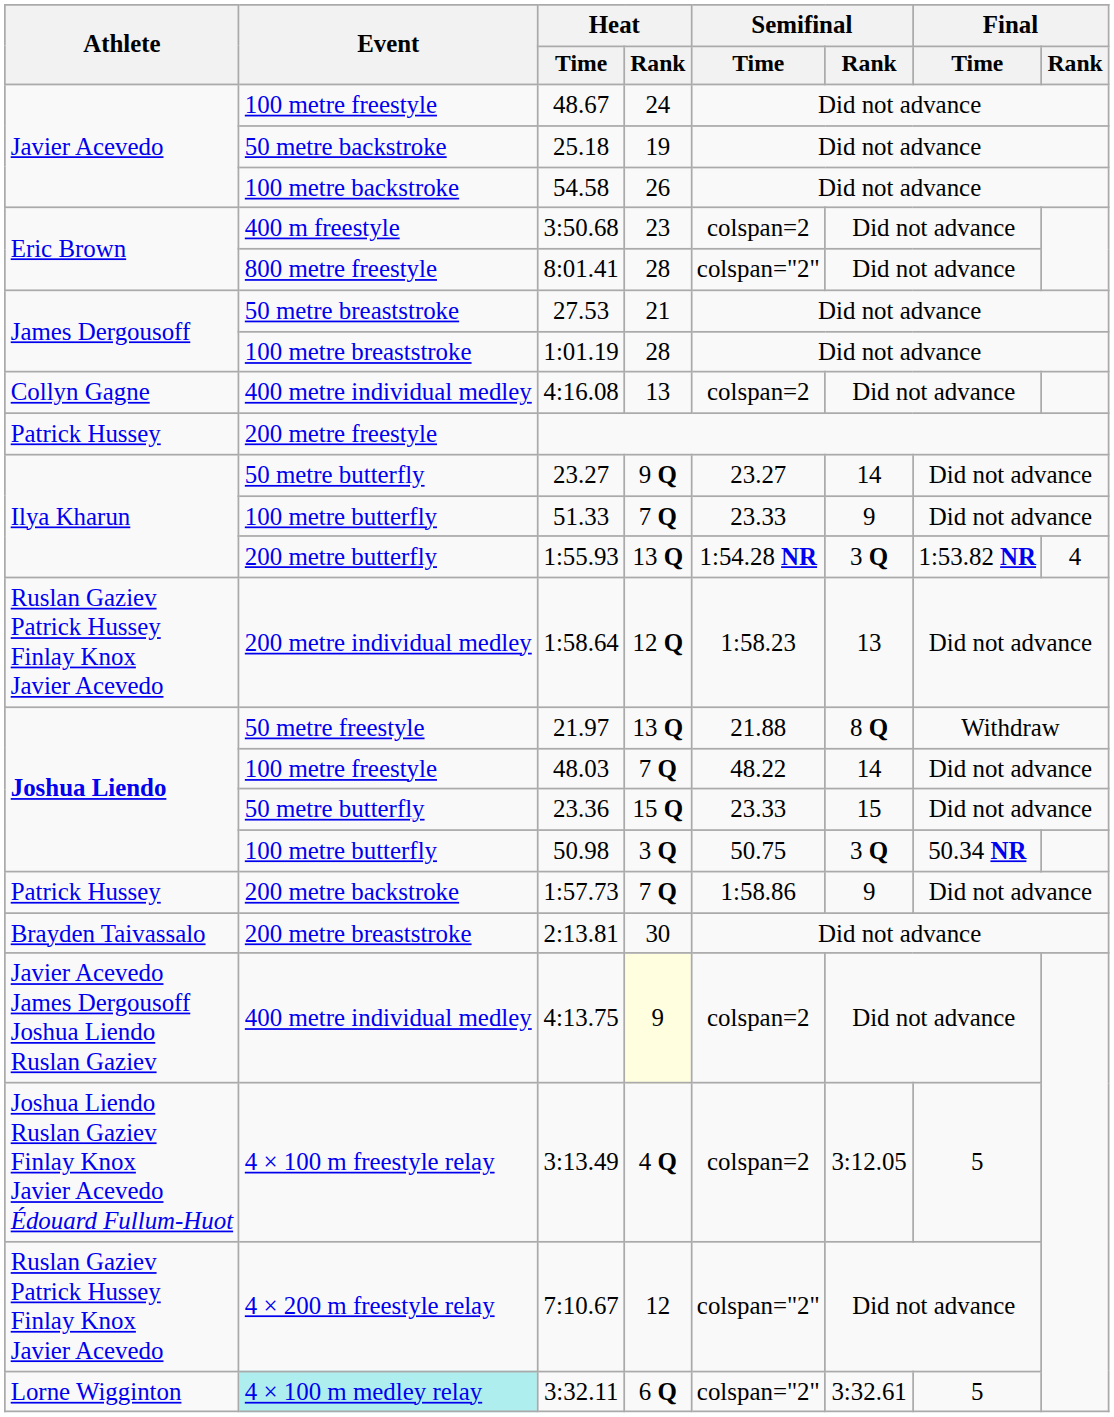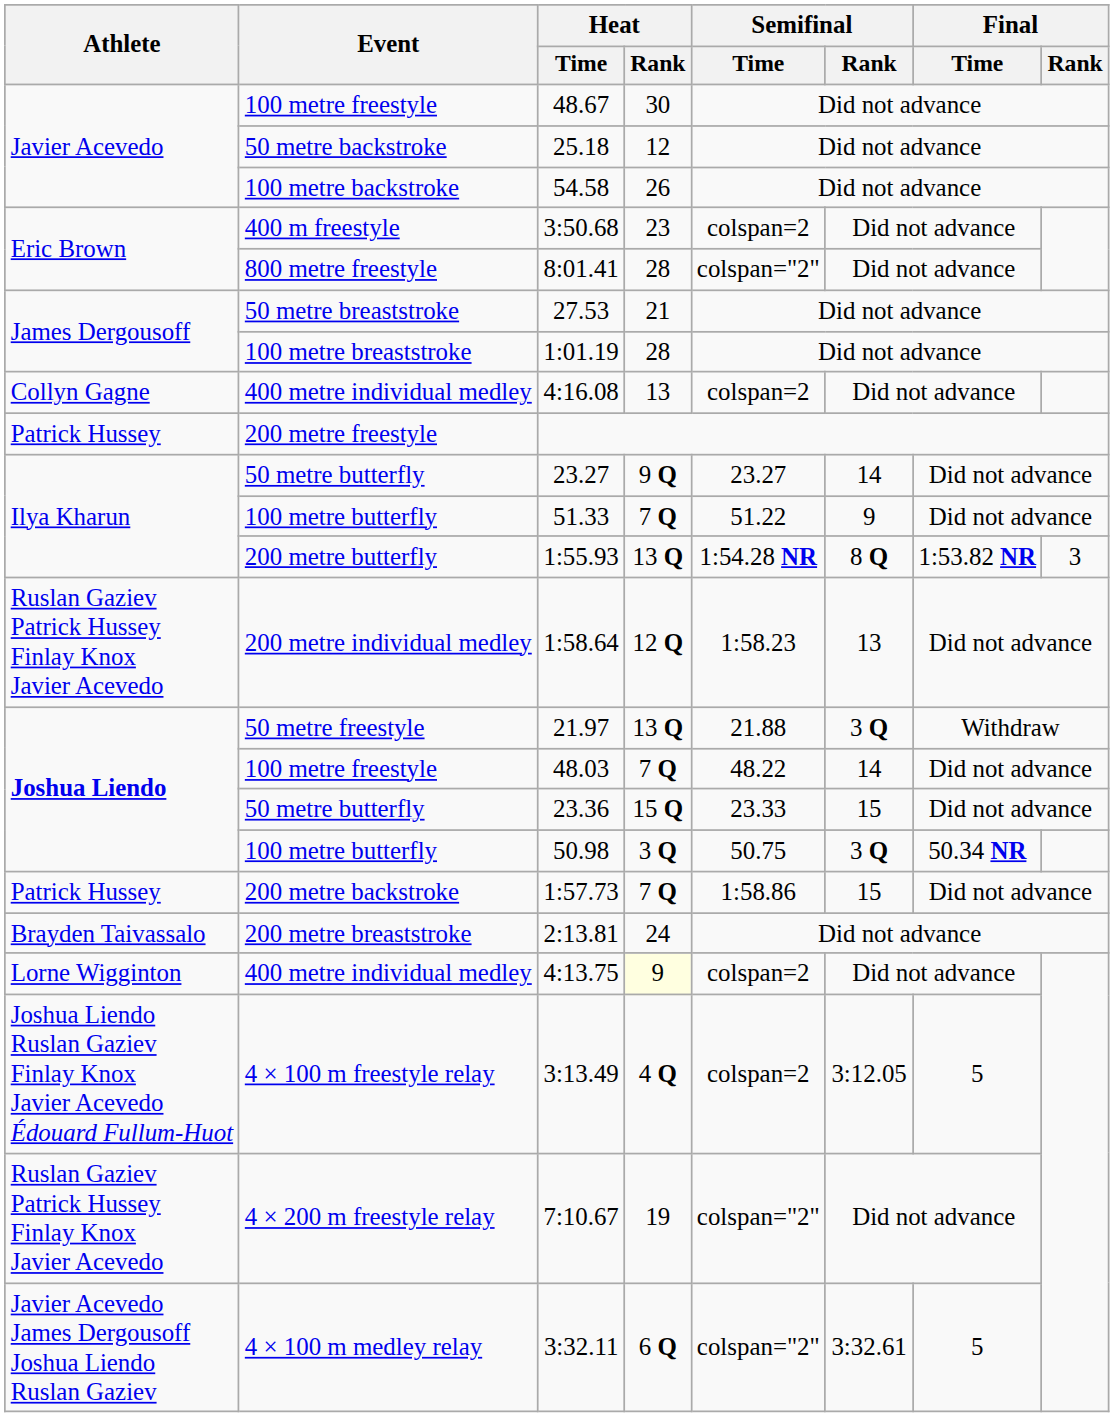 <table class="wikitable" style="text-align:center; font-size:90%">
 <tr>
 <th rowspan="2">Athlete</th>
 <th rowspan="2">Event</th>
 <th colspan="2">Heat</th>
 <th colspan="2">Semifinal</th>
 <th colspan="2">Final</th>
 </tr>
 <tr style="font-size:95%">
 <th>Time</th>
 <th>Rank</th>
 <th>Time</th>
 <th>Rank</th>
 <th>Time</th>
 <th>Rank</th>
 </tr>
 <tr>
 <td align=left rowspan=3><a href='#'>Javier Acevedo</a></td>
 <td align=left><a href='#'>100 metre freestyle</a></td>
 <td>48.67</td>
-<td>24</td>
+<td>30</td>
 <td colspan=4>Did not advance</td>
 </tr>
 <tr>
 <td align=left><a href='#'>50 metre backstroke</a></td>
 <td>25.18</td>
-<td>19</td>
+<td>12</td>
 <td colspan=4>Did not advance</td>
 </tr>
 <tr>
 <td align=left><a href='#'>100 metre backstroke</a></td>
 <td>54.58</td>
 <td>26</td>
 <td colspan=4>Did not advance</td>
 </tr>
 <tr>
 <td align=left rowspan=2><a href='#'>Eric Brown</a></td>
 <td align=left><a href='#'>400 m freestyle</a></td>
 <td>3:50.68</td>
 <td>23</td>
 <td>colspan=2 </td>
 <td colspan=2>Did not advance</td>
 </tr>
 <tr>
 <td align=left><a href='#'>800 metre freestyle</a></td>
 <td>8:01.41</td>
 <td>28</td>
 <td>colspan="2" </td>
 <td colspan=2>Did not advance</td>
 </tr>
 <tr>
 <td align=left rowspan=2><a href='#'>James Dergousoff</a></td>
 <td align=left><a href='#'>50 metre breaststroke</a></td>
 <td>27.53</td>
 <td>21</td>
 <td colspan=4>Did not advance</td>
 </tr>
 <tr>
 <td align=left><a href='#'>100 metre breaststroke</a></td>
 <td>1:01.19</td>
 <td>28</td>
 <td colspan=4>Did not advance</td>
 </tr>
 <tr>
 <td align=left><a href='#'>Collyn Gagne</a></td>
 <td align=left><a href='#'>400 metre individual medley</a></td>
 <td>4:16.08</td>
 <td>13</td>
 <td>colspan=2 </td>
 <td colspan=2>Did not advance</td>
 </tr>
 <tr>
 <td align=left><a href='#'>Patrick Hussey</a></td>
 <td align=left><a href='#'>200 metre freestyle</a></td>
 <td colspan="6"></td>
 </tr>
 <tr>
 <td rowspan="3" align="left"><a href='#'>Ilya Kharun</a></td>
 <td align="left"><a href='#'>50 metre butterfly</a></td>
 <td>23.27</td>
 <td>9 <strong>Q</strong></td>
 <td>23.27</td>
 <td>14</td>
 <td colspan="2">Did not advance</td>
 </tr>
 <tr>
 <td align="left"><a href='#'>100 metre butterfly</a></td>
 <td>51.33</td>
 <td>7 <strong>Q</strong></td>
-<td>23.33</td>
+<td>51.22</td>
 <td>9</td>
 <td colspan="2">Did not advance</td>
 </tr>
 <tr>
 <td align=left><a href='#'>200 metre butterfly</a></td>
 <td>1:55.93</td>
 <td>13 <strong>Q</strong></td>
 <td>1:54.28 <strong><a href='#'>NR</a></strong></td>
-<td>3 <strong>Q</strong></td>
+<td>8 <strong>Q</strong></td>
 <td>1:53.82 <strong><a href='#'>NR</a></strong></td>
-<td>4</td>
+<td>3</td>
 </tr>
 <tr>
 <td align=left><a href='#'>Ruslan Gaziev</a>  <br><a href='#'>Patrick Hussey</a>  <br><a href='#'>Finlay Knox</a>  <br><a href='#'>Javier Acevedo</a></td>
 <td align=left><a href='#'>200 metre individual medley</a></td>
 <td>1:58.64</td>
 <td>12 <strong>Q</strong></td>
 <td>1:58.23</td>
 <td>13</td>
 <td colspan="2">Did not advance</td>
 </tr>
 <tr>
 <td rowspan="4" align="left"><strong><a href='#'>Joshua Liendo</a></strong></td>
 <td align=left><a href='#'>50 metre freestyle</a></td>
 <td>21.97</td>
 <td>13 <strong>Q</strong></td>
 <td>21.88</td>
-<td>8 <strong>Q</strong></td>
+<td>3 <strong>Q</strong></td>
 <td colspan="2">Withdraw</td>
 </tr>
 <tr>
 <td align=left><a href='#'>100 metre freestyle</a></td>
 <td>48.03</td>
 <td>7 <strong>Q</strong></td>
 <td>48.22</td>
 <td>14</td>
 <td colspan="2">Did not advance</td>
 </tr>
 <tr>
 <td align=left><a href='#'>50 metre butterfly</a></td>
 <td>23.36</td>
 <td>15 <strong>Q</strong></td>
 <td>23.33</td>
 <td>15</td>
 <td colspan="2">Did not advance</td>
 </tr>
 <tr>
 <td align=left><a href='#'>100 metre butterfly</a></td>
 <td>50.98</td>
 <td>3 <strong>Q</strong></td>
 <td>50.75</td>
 <td>3 <strong>Q</strong></td>
 <td>50.34 <strong><a href='#'>NR</a></strong></td>
 <td></td>
 </tr>
 <tr>
 <td align=left><a href='#'>Patrick Hussey</a></td>
 <td align=left><a href='#'>200 metre backstroke</a></td>
 <td>1:57.73</td>
 <td>7 <strong>Q</strong></td>
 <td>1:58.86</td>
-<td>9</td>
+<td>15</td>
 <td colspan=2>Did not advance</td>
 </tr>
 <tr>
 <td align=left><a href='#'>Brayden Taivassalo</a></td>
 <td align=left><a href='#'>200 metre breaststroke</a></td>
 <td>2:13.81</td>
-<td>30</td>
+<td>24</td>
 <td colspan=4>Did not advance</td>
 </tr>
 <tr>
-<td align=left><a href='#'>Javier Acevedo</a> <br><a href='#'>James Dergousoff</a> <br><a href='#'>Joshua Liendo</a> <br><a href='#'>Ruslan Gaziev</a></td>
+<td align=left><a href='#'>Lorne Wigginton</a></td>
 <td align=left><a href='#'>400 metre individual medley</a></td>
 <td>4:13.75</td>
 <td style="background: lightyellow;">9</td>
 <td>colspan=2 </td>
 <td colspan=2>Did not advance</td>
 </tr>
 <tr>
 <td align=left><a href='#'>Joshua Liendo</a> <br><a href='#'>Ruslan Gaziev</a> <br><a href='#'>Finlay Knox</a> <br><a href='#'>Javier Acevedo</a><br><em><a href='#'>Édouard Fullum-Huot</a></em></td>
 <td align=left><a href='#'>4 × 100 m freestyle relay</a></td>
 <td>3:13.49</td>
 <td>4 <strong>Q</strong></td>
 <td>colspan=2 </td>
 <td>3:12.05</td>
 <td>5</td>
 </tr>
 <tr>
 <td align=left><a href='#'>Ruslan Gaziev</a>  <br><a href='#'>Patrick Hussey</a>  <br><a href='#'>Finlay Knox</a>  <br><a href='#'>Javier Acevedo</a></td>
 <td align=left><a href='#'>4 × 200 m freestyle relay</a></td>
 <td>7:10.67</td>
-<td>12</td>
+<td>19</td>
 <td>colspan="2" </td>
 <td colspan="2">Did not advance</td>
 </tr>
 <tr>
-<td align=left><a href='#'>Lorne Wigginton</a></td>
-<td align=left style="background: paleturquoise;"><a href='#'>4 × 100 m medley relay</a></td>
+<td align=left><a href='#'>Javier Acevedo</a> <br><a href='#'>James Dergousoff</a> <br><a href='#'>Joshua Liendo</a> <br><a href='#'>Ruslan Gaziev</a></td>
+<td align=left><a href='#'>4 × 100 m medley relay</a></td>
 <td>3:32.11</td>
 <td>6 <strong>Q</strong></td>
 <td>colspan="2" </td>
 <td>3:32.61</td>
 <td>5</td>
 </tr>
 </table>
